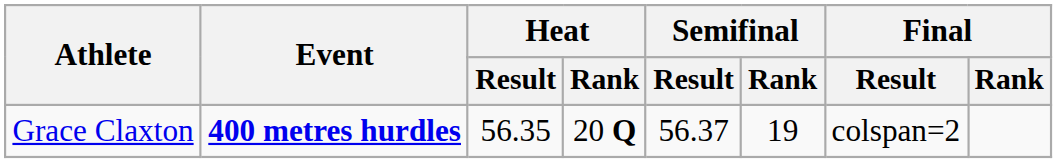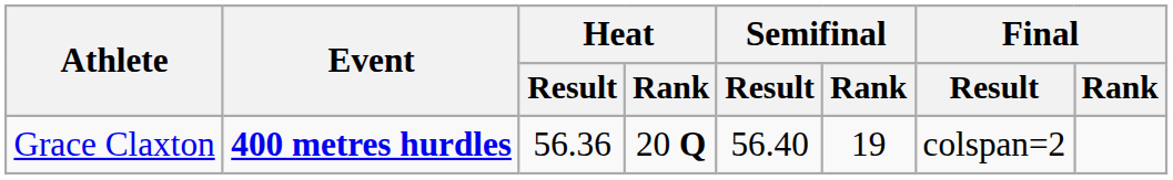 <table class=wikitable style=font-size:90%>
 <tr>
 <th rowspan=2>Athlete</th>
 <th rowspan=2>Event</th>
 <th colspan=2>Heat</th>
 <th colspan=2>Semifinal</th>
 <th colspan=2>Final</th>
 </tr>
 <tr style=font-size:95%>
 <th>Result</th>
 <th>Rank</th>
 <th>Result</th>
 <th>Rank</th>
 <th>Result</th>
 <th>Rank</th>
 </tr>
 <tr align=center>
 <td align=left><a href='#'>Grace Claxton</a></td>
 <td align=left><strong><a href='#'>400 metres hurdles</a></strong></td>
-<td>56.35</td>
+<td>56.36</td>
 <td>20 <strong>Q</strong></td>
-<td>56.37</td>
+<td>56.40</td>
 <td>19</td>
 <td>colspan=2 </td>
 </tr>
 </table>
